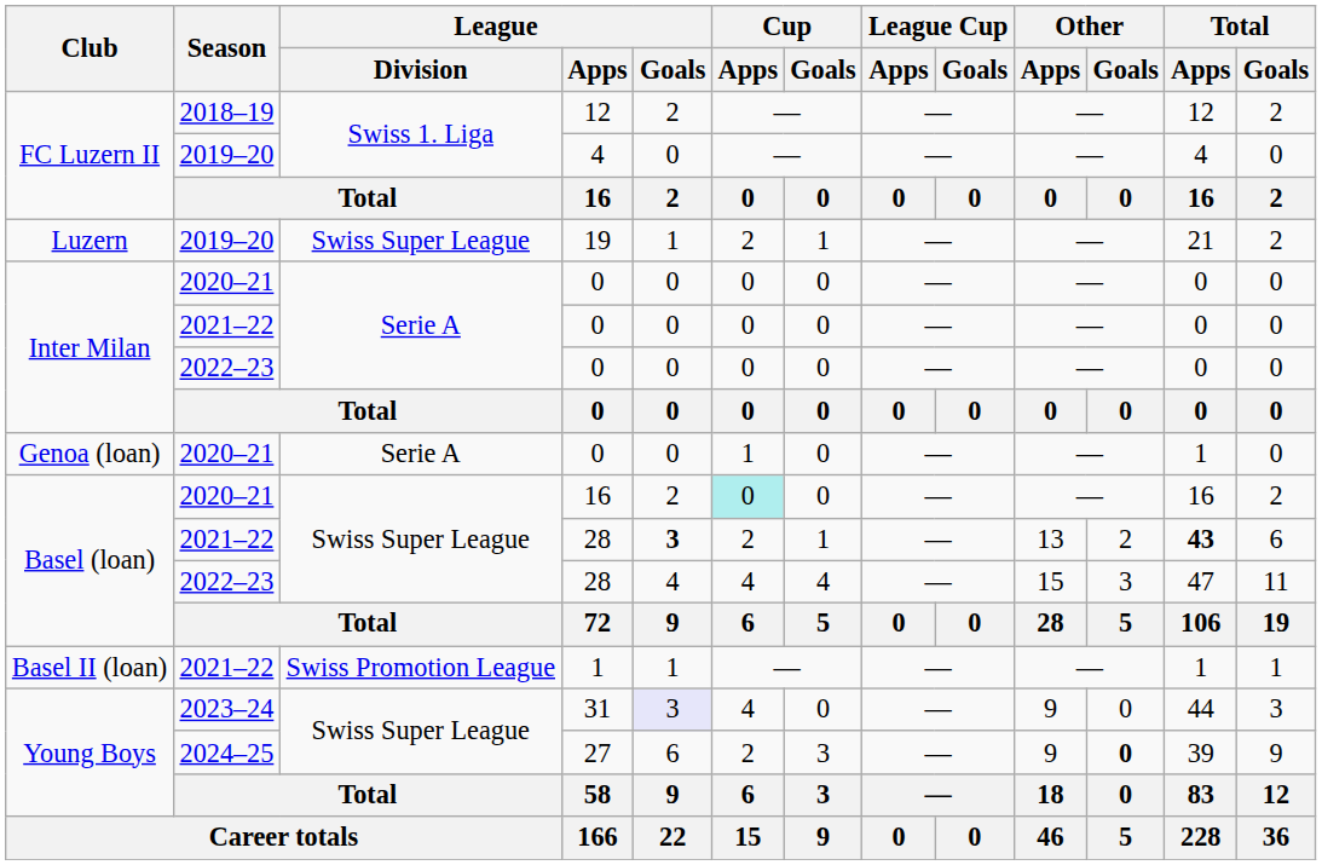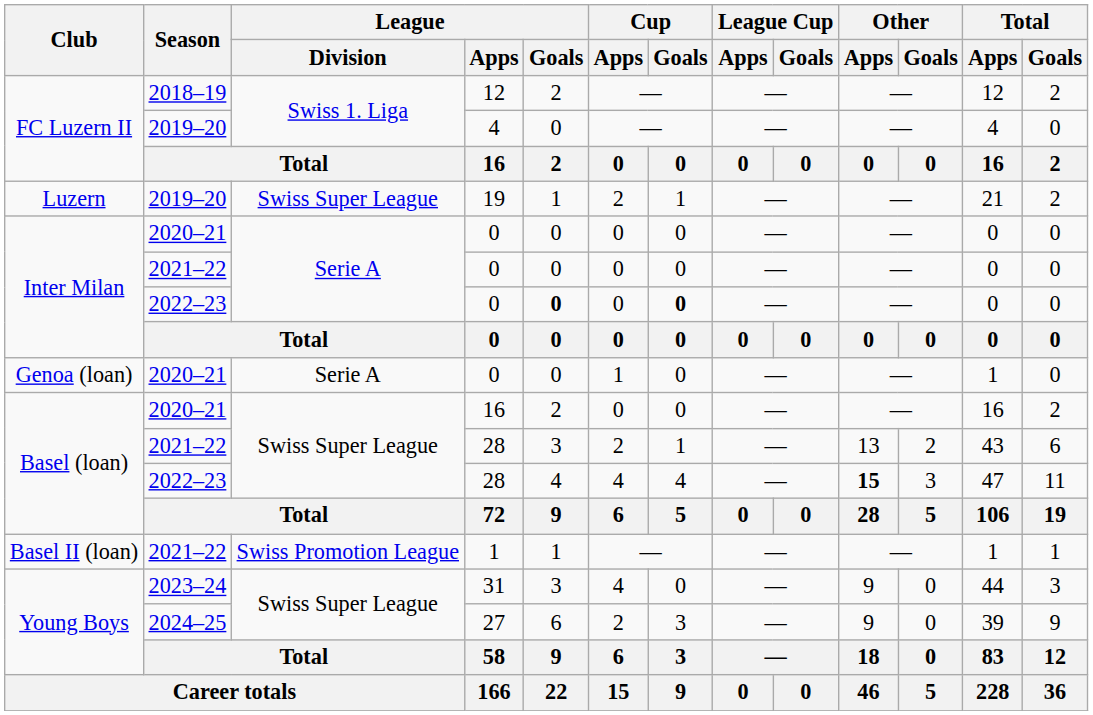 <table class="wikitable" style="text-align:center">
 <tr>
 <th rowspan="2">Club</th>
 <th rowspan="2">Season</th>
 <th colspan="3">League</th>
 <th colspan="2">Cup</th>
 <th colspan="2">League Cup</th>
 <th colspan="2">Other</th>
 <th colspan="2">Total</th>
 </tr>
 <tr>
 <th>Division</th>
 <th>Apps</th>
 <th>Goals</th>
 <th>Apps</th>
 <th>Goals</th>
 <th>Apps</th>
 <th>Goals</th>
 <th>Apps</th>
 <th>Goals</th>
 <th>Apps</th>
 <th>Goals</th>
 </tr>
 <tr>
 <td rowspan="3"><a href='#'>FC Luzern II</a></td>
 <td><a href='#'>2018–19</a></td>
 <td rowspan="2"><a href='#'>Swiss 1. Liga</a></td>
 <td>12</td>
 <td>2</td>
 <td colspan="2">—</td>
 <td colspan="2">—</td>
 <td colspan="2">—</td>
 <td>12</td>
 <td>2</td>
 </tr>
 <tr>
 <td><a href='#'>2019–20</a></td>
 <td>4</td>
 <td>0</td>
 <td colspan="2">—</td>
 <td colspan="2">—</td>
 <td colspan="2">—</td>
 <td>4</td>
 <td>0</td>
 </tr>
 <tr>
 <th colspan="2">Total</th>
 <th>16</th>
 <th>2</th>
 <th>0</th>
 <th>0</th>
 <th>0</th>
 <th>0</th>
 <th>0</th>
 <th>0</th>
 <th>16</th>
 <th>2</th>
 </tr>
 <tr>
 <td><a href='#'>Luzern</a></td>
 <td><a href='#'>2019–20</a></td>
 <td><a href='#'>Swiss Super League</a></td>
 <td>19</td>
 <td>1</td>
 <td>2</td>
 <td>1</td>
 <td colspan="2">—</td>
 <td colspan="2">—</td>
 <td>21</td>
 <td>2</td>
 </tr>
 <tr>
 <td rowspan="4"><a href='#'>Inter Milan</a></td>
 <td><a href='#'>2020–21</a></td>
 <td rowspan="3"><a href='#'>Serie A</a></td>
 <td>0</td>
 <td>0</td>
 <td>0</td>
 <td>0</td>
 <td colspan="2">—</td>
 <td colspan="2">—</td>
 <td>0</td>
 <td>0</td>
 </tr>
 <tr>
 <td><a href='#'>2021–22</a></td>
 <td>0</td>
 <td>0</td>
 <td>0</td>
 <td>0</td>
 <td colspan="2">—</td>
 <td colspan="2">—</td>
 <td>0</td>
 <td>0</td>
 </tr>
 <tr>
 <td><a href='#'>2022–23</a></td>
 <td>0</td>
+<td><strong>0</strong></td>
 <td>0</td>
-<td>0</td>
-<td>0</td>
+<td><strong>0</strong></td>
 <td colspan="2">—</td>
 <td colspan="2">—</td>
 <td>0</td>
 <td>0</td>
 </tr>
 <tr>
 <th colspan="2">Total</th>
 <th>0</th>
 <th>0</th>
 <th>0</th>
 <th>0</th>
 <th>0</th>
 <th>0</th>
 <th>0</th>
 <th>0</th>
 <th>0</th>
 <th>0</th>
 </tr>
 <tr>
 <td><a href='#'>Genoa</a> (loan)</td>
 <td><a href='#'>2020–21</a></td>
 <td>Serie A</td>
 <td>0</td>
 <td>0</td>
 <td>1</td>
 <td>0</td>
 <td colspan="2">—</td>
 <td colspan="2">—</td>
 <td>1</td>
 <td>0</td>
 </tr>
 <tr>
 <td rowspan="4"><a href='#'>Basel</a> (loan)</td>
 <td><a href='#'>2020–21</a></td>
 <td rowspan="3">Swiss Super League</td>
 <td>16</td>
 <td>2</td>
-<td style="background: paleturquoise;">0</td>
+<td>0</td>
 <td>0</td>
 <td colspan="2">—</td>
 <td colspan="2">—</td>
 <td>16</td>
 <td>2</td>
 </tr>
 <tr>
 <td><a href='#'>2021–22</a></td>
 <td>28</td>
-<td><strong>3</strong></td>
+<td>3</td>
 <td>2</td>
 <td>1</td>
 <td colspan="2">—</td>
 <td>13</td>
 <td>2</td>
-<td><strong>43</strong></td>
+<td>43</td>
 <td>6</td>
 </tr>
 <tr>
 <td><a href='#'>2022–23</a></td>
 <td>28</td>
 <td>4</td>
 <td>4</td>
 <td>4</td>
 <td colspan="2">—</td>
-<td>15</td>
+<td><strong>15</strong></td>
 <td>3</td>
 <td>47</td>
 <td>11</td>
 </tr>
 <tr>
 <th colspan="2">Total</th>
 <th>72</th>
 <th>9</th>
 <th>6</th>
 <th>5</th>
 <th>0</th>
 <th>0</th>
 <th>28</th>
 <th>5</th>
 <th>106</th>
 <th>19</th>
 </tr>
 <tr>
 <td><a href='#'>Basel II</a> (loan)</td>
 <td><a href='#'>2021–22</a></td>
 <td><a href='#'>Swiss Promotion League</a></td>
 <td>1</td>
 <td>1</td>
 <td colspan="2">—</td>
 <td colspan="2">—</td>
 <td colspan="2">—</td>
 <td>1</td>
 <td>1</td>
 </tr>
 <tr>
 <td rowspan="3"><a href='#'>Young Boys</a></td>
 <td><a href='#'>2023–24</a></td>
 <td rowspan="2">Swiss Super League</td>
 <td>31</td>
-<td style="background: lavender;">3</td>
+<td>3</td>
 <td>4</td>
 <td>0</td>
 <td colspan="2">—</td>
 <td>9</td>
 <td>0</td>
 <td>44</td>
 <td>3</td>
 </tr>
 <tr>
 <td><a href='#'>2024–25</a></td>
 <td>27</td>
 <td>6</td>
 <td>2</td>
 <td>3</td>
 <td colspan="2">—</td>
 <td>9</td>
-<td><strong>0</strong></td>
+<td>0</td>
 <td>39</td>
 <td>9</td>
 </tr>
 <tr>
 <th colspan="2">Total</th>
 <th>58</th>
 <th>9</th>
 <th>6</th>
 <th>3</th>
 <th colspan="2">—</th>
 <th>18</th>
 <th>0</th>
 <th>83</th>
 <th>12</th>
 </tr>
 <tr>
 <th colspan="3">Career totals</th>
 <th>166</th>
 <th>22</th>
 <th>15</th>
 <th>9</th>
 <th>0</th>
 <th>0</th>
 <th>46</th>
 <th>5</th>
 <th>228</th>
 <th>36</th>
 </tr>
 </table>
